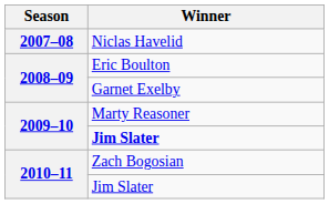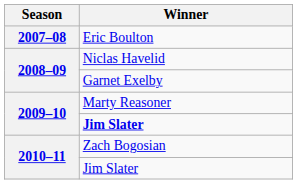 <table class="wikitable">
 <tr>
 <th scope="col" style="width:5em">Season</th>
 <th scope="col" style="width:15em">Winner</th>
 </tr>
 <tr>
 <th scope="row"><a href='#'>2007–08</a></th>
-<td><a href='#'>Niclas Havelid</a></td>
+<td><a href='#'>Eric Boulton</a></td>
 </tr>
 <tr>
 <th scope="row" rowspan="2"><a href='#'>2008–09</a></th>
-<td><a href='#'>Eric Boulton</a></td>
+<td><a href='#'>Niclas Havelid</a></td>
 </tr>
 <tr>
 <td><a href='#'>Garnet Exelby</a></td>
 </tr>
 <tr>
 <th scope="row" rowspan="2"><a href='#'>2009–10</a></th>
 <td><a href='#'>Marty Reasoner</a></td>
 </tr>
 <tr>
 <td><strong><a href='#'>Jim Slater</a></strong></td>
 </tr>
 <tr>
 <th scope="row" rowspan="2"><a href='#'>2010–11</a></th>
 <td><a href='#'>Zach Bogosian</a></td>
 </tr>
 <tr>
 <td><a href='#'>Jim Slater</a></td>
 </tr>
 </table>
